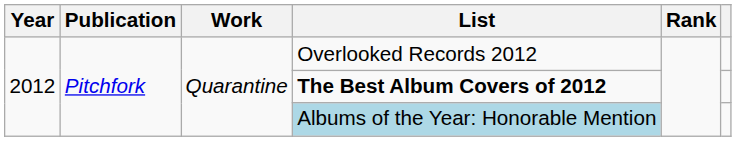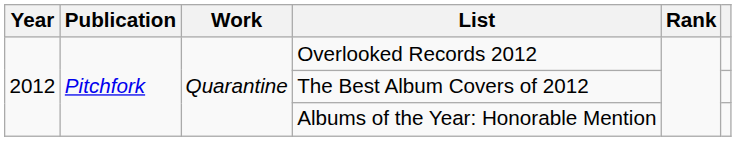 <table class="sortable wikitable">
 <tr>
 <th>Year</th>
 <th>Publication</th>
 <th>Work</th>
 <th>List</th>
 <th>Rank</th>
 <th class="unsortable"></th>
 </tr>
 <tr>
 <td scope="row" rowspan=3>2012</td>
 <td scope="row" rowspan=3><em><a href='#'>Pitchfork</a></em></td>
 <td scope="row" rowspan=3><em>Quarantine</em></td>
 <td>Overlooked Records 2012</td>
 <td scope="row" rowspan=3></td>
 <td></td>
 </tr>
 <tr>
-<td><strong>The Best Album Covers of 2012</strong></td>
+<td>The Best Album Covers of 2012</td>
 <td></td>
 </tr>
 <tr>
-<td style="background: lightblue;">Albums of the Year: Honorable Mention</td>
+<td>Albums of the Year: Honorable Mention</td>
 <td></td>
 </tr>
 </table>
